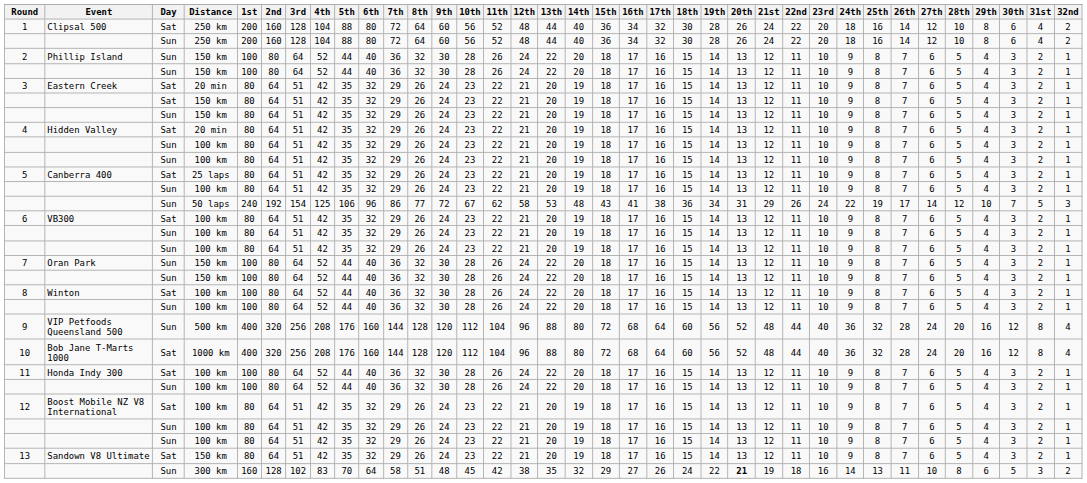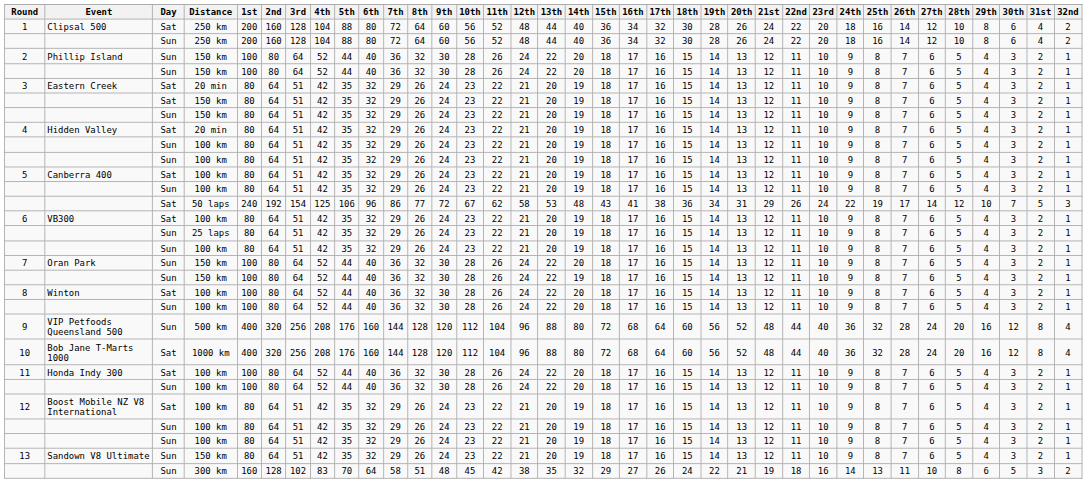 <table class="wikitable" style="font-size: 80%">
 <tr>
 </tr>
 <tr>
 <th width="54" height="11" align="center">Round</th>
 <th width="162">Event</th>
 <th width="46" align="center">Day</th>
 <th width="63" align="center">Distance</th>
 <th width="28" align="center">1st</th>
 <th width="28" align="center">2nd</th>
 <th width="28" align="center">3rd</th>
 <th width="28" align="center">4th</th>
 <th width="28" align="center">5th</th>
 <th width="28" align="center">6th</th>
 <th width="28" align="center">7th</th>
 <th width="28" align="center">8th</th>
 <th width="28" align="center">9th</th>
 <th width="28" align="center">10th</th>
 <th width="28" align="center">11th</th>
 <th width="28" align="center">12th</th>
 <th width="28" align="center">13th</th>
 <th width="28" align="center">14th</th>
 <th width="28" align="center">15th</th>
 <th width="28" align="center">16th</th>
 <th width="28" align="center">17th</th>
 <th width="28" align="center">18th</th>
 <th width="28" align="center">19th</th>
 <th width="28" align="center">20th</th>
 <th width="28" align="center">21st</th>
 <th width="28" align="center">22nd</th>
 <th width="28" align="center">23rd</th>
 <th width="28" align="center">24th</th>
 <th width="28" align="center">25th</th>
 <th width="28" align="center">26th</th>
 <th width="28" align="center">27th</th>
 <th width="28" align="center">28th</th>
 <th width="28" align="center">29th</th>
 <th width="28" align="center">30th</th>
 <th width="28" align="center">31st</th>
 <th width="28" align="center">32nd</th>
 </tr>
 <tr>
 <td height="11" align="center">1</td>
 <td>Clipsal 500</td>
 <td align="center">Sat</td>
 <td align="center">250 km</td>
 <td align="center">200</td>
 <td align="center">160</td>
 <td align="center">128</td>
 <td align="center">104</td>
 <td align="center">88</td>
 <td align="center">80</td>
 <td align="center">72</td>
 <td align="center">64</td>
 <td align="center">60</td>
 <td align="center">56</td>
 <td align="center">52</td>
 <td align="center">48</td>
 <td align="center">44</td>
 <td align="center">40</td>
 <td align="center">36</td>
 <td align="center">34</td>
 <td align="center">32</td>
 <td align="center">30</td>
 <td align="center">28</td>
 <td align="center">26</td>
 <td align="center">24</td>
 <td align="center">22</td>
 <td align="center">20</td>
 <td align="center">18</td>
 <td align="center">16</td>
 <td align="center">14</td>
 <td align="center">12</td>
 <td align="center">10</td>
 <td align="center">8</td>
 <td align="center">6</td>
 <td align="center">4</td>
 <td align="center">2</td>
 </tr>
 <tr>
 <td height="11" align="center"> </td>
 <td> </td>
 <td align="center">Sun</td>
 <td align="center">250 km</td>
 <td align="center">200</td>
 <td align="center">160</td>
 <td align="center">128</td>
 <td align="center">104</td>
 <td align="center">88</td>
 <td align="center">80</td>
 <td align="center">72</td>
 <td align="center">64</td>
 <td align="center">60</td>
 <td align="center">56</td>
 <td align="center">52</td>
 <td align="center">48</td>
 <td align="center">44</td>
 <td align="center">40</td>
 <td align="center">36</td>
 <td align="center">34</td>
 <td align="center">32</td>
 <td align="center">30</td>
 <td align="center">28</td>
 <td align="center">26</td>
 <td align="center">24</td>
 <td align="center">22</td>
 <td align="center">20</td>
 <td align="center">18</td>
 <td align="center">16</td>
 <td align="center">14</td>
 <td align="center">12</td>
 <td align="center">10</td>
 <td align="center">8</td>
 <td align="center">6</td>
 <td align="center">4</td>
 <td align="center">2</td>
 </tr>
 <tr>
 <td height="11" align="center">2</td>
 <td>Phillip Island</td>
 <td align="center">Sun</td>
 <td align="center">150 km</td>
 <td align="center">100</td>
 <td align="center">80</td>
 <td align="center">64</td>
 <td align="center">52</td>
 <td align="center">44</td>
 <td align="center">40</td>
 <td align="center">36</td>
 <td align="center">32</td>
 <td align="center">30</td>
 <td align="center">28</td>
 <td align="center">26</td>
 <td align="center">24</td>
 <td align="center">22</td>
 <td align="center">20</td>
 <td align="center">18</td>
 <td align="center">17</td>
 <td align="center">16</td>
 <td align="center">15</td>
 <td align="center">14</td>
 <td align="center">13</td>
 <td align="center">12</td>
 <td align="center">11</td>
 <td align="center">10</td>
 <td align="center">9</td>
 <td align="center">8</td>
 <td align="center">7</td>
 <td align="center">6</td>
 <td align="center">5</td>
 <td align="center">4</td>
 <td align="center">3</td>
 <td align="center">2</td>
 <td align="center">1</td>
 </tr>
 <tr>
 <td height="11" align="center"> </td>
 <td> </td>
 <td align="center">Sun</td>
 <td align="center">150 km</td>
 <td align="center">100</td>
 <td align="center">80</td>
 <td align="center">64</td>
 <td align="center">52</td>
 <td align="center">44</td>
 <td align="center">40</td>
 <td align="center">36</td>
 <td align="center">32</td>
 <td align="center">30</td>
 <td align="center">28</td>
 <td align="center">26</td>
 <td align="center">24</td>
 <td align="center">22</td>
 <td align="center">20</td>
 <td align="center">18</td>
 <td align="center">17</td>
 <td align="center">16</td>
 <td align="center">15</td>
 <td align="center">14</td>
 <td align="center">13</td>
 <td align="center">12</td>
 <td align="center">11</td>
 <td align="center">10</td>
 <td align="center">9</td>
 <td align="center">8</td>
 <td align="center">7</td>
 <td align="center">6</td>
 <td align="center">5</td>
 <td align="center">4</td>
 <td align="center">3</td>
 <td align="center">2</td>
 <td align="center">1</td>
 </tr>
 <tr>
 <td height="11" align="center">3</td>
 <td>Eastern Creek</td>
 <td align="center">Sat</td>
 <td align="center">20 min</td>
 <td align="center">80</td>
 <td align="center">64</td>
 <td align="center">51</td>
 <td align="center">42</td>
 <td align="center">35</td>
 <td align="center">32</td>
 <td align="center">29</td>
 <td align="center">26</td>
 <td align="center">24</td>
 <td align="center">23</td>
 <td align="center">22</td>
 <td align="center">21</td>
 <td align="center">20</td>
 <td align="center">19</td>
 <td align="center">18</td>
 <td align="center">17</td>
 <td align="center">16</td>
 <td align="center">15</td>
 <td align="center">14</td>
 <td align="center">13</td>
 <td align="center">12</td>
 <td align="center">11</td>
 <td align="center">10</td>
 <td align="center">9</td>
 <td align="center">8</td>
 <td align="center">7</td>
 <td align="center">6</td>
 <td align="center">5</td>
 <td align="center">4</td>
 <td align="center">3</td>
 <td align="center">2</td>
 <td align="center">1</td>
 </tr>
 <tr>
 <td height="11" align="center"> </td>
 <td> </td>
 <td align="center">Sat</td>
 <td align="center">150 km</td>
 <td align="center">80</td>
 <td align="center">64</td>
 <td align="center">51</td>
 <td align="center">42</td>
 <td align="center">35</td>
 <td align="center">32</td>
 <td align="center">29</td>
 <td align="center">26</td>
 <td align="center">24</td>
 <td align="center">23</td>
 <td align="center">22</td>
 <td align="center">21</td>
 <td align="center">20</td>
 <td align="center">19</td>
 <td align="center">18</td>
 <td align="center">17</td>
 <td align="center">16</td>
 <td align="center">15</td>
 <td align="center">14</td>
 <td align="center">13</td>
 <td align="center">12</td>
 <td align="center">11</td>
 <td align="center">10</td>
 <td align="center">9</td>
 <td align="center">8</td>
 <td align="center">7</td>
 <td align="center">6</td>
 <td align="center">5</td>
 <td align="center">4</td>
 <td align="center">3</td>
 <td align="center">2</td>
 <td align="center">1</td>
 </tr>
 <tr>
 <td height="11" align="center"> </td>
 <td> </td>
 <td align="center">Sun</td>
 <td align="center">150 km</td>
 <td align="center">80</td>
 <td align="center">64</td>
 <td align="center">51</td>
 <td align="center">42</td>
 <td align="center">35</td>
 <td align="center">32</td>
 <td align="center">29</td>
 <td align="center">26</td>
 <td align="center">24</td>
 <td align="center">23</td>
 <td align="center">22</td>
 <td align="center">21</td>
 <td align="center">20</td>
 <td align="center">19</td>
 <td align="center">18</td>
 <td align="center">17</td>
 <td align="center">16</td>
 <td align="center">15</td>
 <td align="center">14</td>
 <td align="center">13</td>
 <td align="center">12</td>
 <td align="center">11</td>
 <td align="center">10</td>
 <td align="center">9</td>
 <td align="center">8</td>
 <td align="center">7</td>
 <td align="center">6</td>
 <td align="center">5</td>
 <td align="center">4</td>
 <td align="center">3</td>
 <td align="center">2</td>
 <td align="center">1</td>
 </tr>
 <tr>
 <td height="11" align="center">4</td>
 <td>Hidden Valley</td>
 <td align="center">Sat</td>
 <td align="center">20 min</td>
 <td align="center">80</td>
 <td align="center">64</td>
 <td align="center">51</td>
 <td align="center">42</td>
 <td align="center">35</td>
 <td align="center">32</td>
 <td align="center">29</td>
 <td align="center">26</td>
 <td align="center">24</td>
 <td align="center">23</td>
 <td align="center">22</td>
 <td align="center">21</td>
 <td align="center">20</td>
 <td align="center">19</td>
 <td align="center">18</td>
 <td align="center">17</td>
 <td align="center">16</td>
 <td align="center">15</td>
 <td align="center">14</td>
 <td align="center">13</td>
 <td align="center">12</td>
 <td align="center">11</td>
 <td align="center">10</td>
 <td align="center">9</td>
 <td align="center">8</td>
 <td align="center">7</td>
 <td align="center">6</td>
 <td align="center">5</td>
 <td align="center">4</td>
 <td align="center">3</td>
 <td align="center">2</td>
 <td align="center">1</td>
 </tr>
 <tr>
 <td height="11" align="center"> </td>
 <td> </td>
 <td align="center">Sun</td>
 <td align="center">100 km</td>
 <td align="center">80</td>
 <td align="center">64</td>
 <td align="center">51</td>
 <td align="center">42</td>
 <td align="center">35</td>
 <td align="center">32</td>
 <td align="center">29</td>
 <td align="center">26</td>
 <td align="center">24</td>
 <td align="center">23</td>
 <td align="center">22</td>
 <td align="center">21</td>
 <td align="center">20</td>
 <td align="center">19</td>
 <td align="center">18</td>
 <td align="center">17</td>
 <td align="center">16</td>
 <td align="center">15</td>
 <td align="center">14</td>
 <td align="center">13</td>
 <td align="center">12</td>
 <td align="center">11</td>
 <td align="center">10</td>
 <td align="center">9</td>
 <td align="center">8</td>
 <td align="center">7</td>
 <td align="center">6</td>
 <td align="center">5</td>
 <td align="center">4</td>
 <td align="center">3</td>
 <td align="center">2</td>
 <td align="center">1</td>
 </tr>
 <tr>
 <td height="11" align="center"> </td>
 <td> </td>
 <td align="center">Sun</td>
 <td align="center">100 km</td>
 <td align="center">80</td>
 <td align="center">64</td>
 <td align="center">51</td>
 <td align="center">42</td>
 <td align="center">35</td>
 <td align="center">32</td>
 <td align="center">29</td>
 <td align="center">26</td>
 <td align="center">24</td>
 <td align="center">23</td>
 <td align="center">22</td>
 <td align="center">21</td>
 <td align="center">20</td>
 <td align="center">19</td>
 <td align="center">18</td>
 <td align="center">17</td>
 <td align="center">16</td>
 <td align="center">15</td>
 <td align="center">14</td>
 <td align="center">13</td>
 <td align="center">12</td>
 <td align="center">11</td>
 <td align="center">10</td>
 <td align="center">9</td>
 <td align="center">8</td>
 <td align="center">7</td>
 <td align="center">6</td>
 <td align="center">5</td>
 <td align="center">4</td>
 <td align="center">3</td>
 <td align="center">2</td>
 <td align="center">1</td>
 </tr>
 <tr>
 <td height="11" align="center">5</td>
 <td>Canberra 400</td>
 <td align="center">Sat</td>
-<td align="center">25 laps</td>
+<td align="center">100 km</td>
 <td align="center">80</td>
 <td align="center">64</td>
 <td align="center">51</td>
 <td align="center">42</td>
 <td align="center">35</td>
 <td align="center">32</td>
 <td align="center">29</td>
 <td align="center">26</td>
 <td align="center">24</td>
 <td align="center">23</td>
 <td align="center">22</td>
 <td align="center">21</td>
 <td align="center">20</td>
 <td align="center">19</td>
 <td align="center">18</td>
 <td align="center">17</td>
 <td align="center">16</td>
 <td align="center">15</td>
 <td align="center">14</td>
 <td align="center">13</td>
 <td align="center">12</td>
 <td align="center">11</td>
 <td align="center">10</td>
 <td align="center">9</td>
 <td align="center">8</td>
 <td align="center">7</td>
 <td align="center">6</td>
 <td align="center">5</td>
 <td align="center">4</td>
 <td align="center">3</td>
 <td align="center">2</td>
 <td align="center">1</td>
 </tr>
 <tr>
 <td height="11" align="center"> </td>
 <td> </td>
 <td align="center">Sun</td>
 <td align="center">100 km</td>
 <td align="center">80</td>
 <td align="center">64</td>
 <td align="center">51</td>
 <td align="center">42</td>
 <td align="center">35</td>
 <td align="center">32</td>
 <td align="center">29</td>
 <td align="center">26</td>
 <td align="center">24</td>
 <td align="center">23</td>
 <td align="center">22</td>
 <td align="center">21</td>
 <td align="center">20</td>
 <td align="center">19</td>
 <td align="center">18</td>
 <td align="center">17</td>
 <td align="center">16</td>
 <td align="center">15</td>
 <td align="center">14</td>
 <td align="center">13</td>
 <td align="center">12</td>
 <td align="center">11</td>
 <td align="center">10</td>
 <td align="center">9</td>
 <td align="center">8</td>
 <td align="center">7</td>
 <td align="center">6</td>
 <td align="center">5</td>
 <td align="center">4</td>
 <td align="center">3</td>
 <td align="center">2</td>
 <td align="center">1</td>
 </tr>
 <tr>
 <td height="11" align="center"> </td>
 <td> </td>
-<td align="center">Sun</td>
+<td align="center">Sat</td>
 <td align="center">50 laps</td>
 <td align="center">240</td>
 <td align="center">192</td>
 <td align="center">154</td>
 <td align="center">125</td>
 <td align="center">106</td>
 <td align="center">96</td>
 <td align="center">86</td>
 <td align="center">77</td>
 <td align="center">72</td>
 <td align="center">67</td>
 <td align="center">62</td>
 <td align="center">58</td>
 <td align="center">53</td>
 <td align="center">48</td>
 <td align="center">43</td>
 <td align="center">41</td>
 <td align="center">38</td>
 <td align="center">36</td>
 <td align="center">34</td>
 <td align="center">31</td>
 <td align="center">29</td>
 <td align="center">26</td>
 <td align="center">24</td>
 <td align="center">22</td>
 <td align="center">19</td>
 <td align="center">17</td>
 <td align="center">14</td>
 <td align="center">12</td>
 <td align="center">10</td>
 <td align="center">7</td>
 <td align="center">5</td>
 <td align="center">3</td>
 </tr>
 <tr>
 <td height="11" align="center">6</td>
 <td>VB300</td>
 <td align="center">Sat</td>
 <td align="center">100 km</td>
 <td align="center">80</td>
 <td align="center">64</td>
 <td align="center">51</td>
 <td align="center">42</td>
 <td align="center">35</td>
 <td align="center">32</td>
 <td align="center">29</td>
 <td align="center">26</td>
 <td align="center">24</td>
 <td align="center">23</td>
 <td align="center">22</td>
 <td align="center">21</td>
 <td align="center">20</td>
 <td align="center">19</td>
 <td align="center">18</td>
 <td align="center">17</td>
 <td align="center">16</td>
 <td align="center">15</td>
 <td align="center">14</td>
 <td align="center">13</td>
 <td align="center">12</td>
 <td align="center">11</td>
 <td align="center">10</td>
 <td align="center">9</td>
 <td align="center">8</td>
 <td align="center">7</td>
 <td align="center">6</td>
 <td align="center">5</td>
 <td align="center">4</td>
 <td align="center">3</td>
 <td align="center">2</td>
 <td align="center">1</td>
 </tr>
 <tr>
 <td height="11" align="center"> </td>
 <td> </td>
 <td align="center">Sun</td>
-<td align="center">100 km</td>
+<td align="center">25 laps</td>
 <td align="center">80</td>
 <td align="center">64</td>
 <td align="center">51</td>
 <td align="center">42</td>
 <td align="center">35</td>
 <td align="center">32</td>
 <td align="center">29</td>
 <td align="center">26</td>
 <td align="center">24</td>
 <td align="center">23</td>
 <td align="center">22</td>
 <td align="center">21</td>
 <td align="center">20</td>
 <td align="center">19</td>
 <td align="center">18</td>
 <td align="center">17</td>
 <td align="center">16</td>
 <td align="center">15</td>
 <td align="center">14</td>
 <td align="center">13</td>
 <td align="center">12</td>
 <td align="center">11</td>
 <td align="center">10</td>
 <td align="center">9</td>
 <td align="center">8</td>
 <td align="center">7</td>
 <td align="center">6</td>
 <td align="center">5</td>
 <td align="center">4</td>
 <td align="center">3</td>
 <td align="center">2</td>
 <td align="center">1</td>
 </tr>
 <tr>
 <td height="11" align="center"> </td>
 <td> </td>
 <td align="center">Sun</td>
 <td align="center">100 km</td>
 <td align="center">80</td>
 <td align="center">64</td>
 <td align="center">51</td>
 <td align="center">42</td>
 <td align="center">35</td>
 <td align="center">32</td>
 <td align="center">29</td>
 <td align="center">26</td>
 <td align="center">24</td>
 <td align="center">23</td>
 <td align="center">22</td>
 <td align="center">21</td>
 <td align="center">20</td>
 <td align="center">19</td>
 <td align="center">18</td>
 <td align="center">17</td>
 <td align="center">16</td>
 <td align="center">15</td>
 <td align="center">14</td>
 <td align="center">13</td>
 <td align="center">12</td>
 <td align="center">11</td>
 <td align="center">10</td>
 <td align="center">9</td>
 <td align="center">8</td>
 <td align="center">7</td>
 <td align="center">6</td>
 <td align="center">5</td>
 <td align="center">4</td>
 <td align="center">3</td>
 <td align="center">2</td>
 <td align="center">1</td>
 </tr>
 <tr>
 <td height="11" align="center">7</td>
 <td>Oran Park</td>
 <td align="center">Sun</td>
 <td align="center">150 km</td>
 <td align="center">100</td>
 <td align="center">80</td>
 <td align="center">64</td>
 <td align="center">52</td>
 <td align="center">44</td>
 <td align="center">40</td>
 <td align="center">36</td>
 <td align="center">32</td>
 <td align="center">30</td>
 <td align="center">28</td>
 <td align="center">26</td>
 <td align="center">24</td>
 <td align="center">22</td>
 <td align="center">20</td>
 <td align="center">18</td>
 <td align="center">17</td>
 <td align="center">16</td>
 <td align="center">15</td>
 <td align="center">14</td>
 <td align="center">13</td>
 <td align="center">12</td>
 <td align="center">11</td>
 <td align="center">10</td>
 <td align="center">9</td>
 <td align="center">8</td>
 <td align="center">7</td>
 <td align="center">6</td>
 <td align="center">5</td>
 <td align="center">4</td>
 <td align="center">3</td>
 <td align="center">2</td>
 <td align="center">1</td>
 </tr>
 <tr>
 <td height="11" align="center"> </td>
 <td> </td>
 <td align="center">Sun</td>
 <td align="center">150 km</td>
 <td align="center">100</td>
 <td align="center">80</td>
 <td align="center">64</td>
 <td align="center">52</td>
 <td align="center">44</td>
 <td align="center">40</td>
 <td align="center">36</td>
 <td align="center">32</td>
 <td align="center">30</td>
 <td align="center">28</td>
 <td align="center">26</td>
 <td align="center">24</td>
 <td align="center">22</td>
-<td align="center">20</td>
+<td align="center">19</td>
 <td align="center">18</td>
 <td align="center">17</td>
 <td align="center">16</td>
 <td align="center">15</td>
 <td align="center">14</td>
 <td align="center">13</td>
 <td align="center">12</td>
 <td align="center">11</td>
 <td align="center">10</td>
 <td align="center">9</td>
 <td align="center">8</td>
 <td align="center">7</td>
 <td align="center">6</td>
 <td align="center">5</td>
 <td align="center">4</td>
 <td align="center">3</td>
 <td align="center">2</td>
 <td align="center">1</td>
 </tr>
 <tr>
 <td height="11" align="center">8</td>
 <td>Winton</td>
 <td align="center">Sat</td>
 <td align="center">100 km</td>
 <td align="center">100</td>
 <td align="center">80</td>
 <td align="center">64</td>
 <td align="center">52</td>
 <td align="center">44</td>
 <td align="center">40</td>
 <td align="center">36</td>
 <td align="center">32</td>
 <td align="center">30</td>
 <td align="center">28</td>
 <td align="center">26</td>
 <td align="center">24</td>
 <td align="center">22</td>
 <td align="center">20</td>
 <td align="center">18</td>
 <td align="center">17</td>
 <td align="center">16</td>
 <td align="center">15</td>
 <td align="center">14</td>
 <td align="center">13</td>
 <td align="center">12</td>
 <td align="center">11</td>
 <td align="center">10</td>
 <td align="center">9</td>
 <td align="center">8</td>
 <td align="center">7</td>
 <td align="center">6</td>
 <td align="center">5</td>
 <td align="center">4</td>
 <td align="center">3</td>
 <td align="center">2</td>
 <td align="center">1</td>
 </tr>
 <tr>
 <td height="11" align="center"> </td>
 <td> </td>
 <td align="center">Sun</td>
 <td align="center">100 km</td>
 <td align="center">100</td>
 <td align="center">80</td>
 <td align="center">64</td>
 <td align="center">52</td>
 <td align="center">44</td>
 <td align="center">40</td>
 <td align="center">36</td>
 <td align="center">32</td>
 <td align="center">30</td>
 <td align="center">28</td>
 <td align="center">26</td>
 <td align="center">24</td>
 <td align="center">22</td>
 <td align="center">20</td>
 <td align="center">18</td>
 <td align="center">17</td>
 <td align="center">16</td>
 <td align="center">15</td>
 <td align="center">14</td>
 <td align="center">13</td>
 <td align="center">12</td>
 <td align="center">11</td>
 <td align="center">10</td>
 <td align="center">9</td>
 <td align="center">8</td>
 <td align="center">7</td>
 <td align="center">6</td>
 <td align="center">5</td>
 <td align="center">4</td>
 <td align="center">3</td>
 <td align="center">2</td>
 <td align="center">1</td>
 </tr>
 <tr>
 <td height="11" align="center">9</td>
 <td>VIP Petfoods Queensland 500</td>
 <td align="center">Sun</td>
 <td align="center">500 km</td>
 <td align="center">400</td>
 <td align="center">320</td>
 <td align="center">256</td>
 <td align="center">208</td>
 <td align="center">176</td>
 <td align="center">160</td>
 <td align="center">144</td>
 <td align="center">128</td>
 <td align="center">120</td>
 <td align="center">112</td>
 <td align="center">104</td>
 <td align="center">96</td>
 <td align="center">88</td>
 <td align="center">80</td>
 <td align="center">72</td>
 <td align="center">68</td>
 <td align="center">64</td>
 <td align="center">60</td>
 <td align="center">56</td>
 <td align="center">52</td>
 <td align="center">48</td>
 <td align="center">44</td>
 <td align="center">40</td>
 <td align="center">36</td>
 <td align="center">32</td>
 <td align="center">28</td>
 <td align="center">24</td>
 <td align="center">20</td>
 <td align="center">16</td>
 <td align="center">12</td>
 <td align="center">8</td>
 <td align="center">4</td>
 </tr>
 <tr>
 <td height="11" align="center">10</td>
 <td>Bob Jane T-Marts 1000</td>
 <td align="center">Sat</td>
 <td align="center">1000 km</td>
 <td align="center">400</td>
 <td align="center">320</td>
 <td align="center">256</td>
 <td align="center">208</td>
 <td align="center">176</td>
 <td align="center">160</td>
 <td align="center">144</td>
 <td align="center">128</td>
 <td align="center">120</td>
 <td align="center">112</td>
 <td align="center">104</td>
 <td align="center">96</td>
 <td align="center">88</td>
 <td align="center">80</td>
 <td align="center">72</td>
 <td align="center">68</td>
 <td align="center">64</td>
 <td align="center">60</td>
 <td align="center">56</td>
 <td align="center">52</td>
 <td align="center">48</td>
 <td align="center">44</td>
 <td align="center">40</td>
 <td align="center">36</td>
 <td align="center">32</td>
 <td align="center">28</td>
 <td align="center">24</td>
 <td align="center">20</td>
 <td align="center">16</td>
 <td align="center">12</td>
 <td align="center">8</td>
 <td align="center">4</td>
 </tr>
 <tr>
 <td height="11" align="center">11</td>
 <td>Honda Indy 300</td>
 <td align="center">Sat</td>
 <td align="center">100 km</td>
 <td align="center">100</td>
 <td align="center">80</td>
 <td align="center">64</td>
 <td align="center">52</td>
 <td align="center">44</td>
 <td align="center">40</td>
 <td align="center">36</td>
 <td align="center">32</td>
 <td align="center">30</td>
 <td align="center">28</td>
 <td align="center">26</td>
 <td align="center">24</td>
 <td align="center">22</td>
 <td align="center">20</td>
 <td align="center">18</td>
 <td align="center">17</td>
 <td align="center">16</td>
 <td align="center">15</td>
 <td align="center">14</td>
 <td align="center">13</td>
 <td align="center">12</td>
 <td align="center">11</td>
 <td align="center">10</td>
 <td align="center">9</td>
 <td align="center">8</td>
 <td align="center">7</td>
 <td align="center">6</td>
 <td align="center">5</td>
 <td align="center">4</td>
 <td align="center">3</td>
 <td align="center">2</td>
 <td align="center">1</td>
 </tr>
 <tr>
 <td height="11" align="center"> </td>
 <td> </td>
 <td align="center">Sun</td>
 <td align="center">100 km</td>
 <td align="center">100</td>
 <td align="center">80</td>
 <td align="center">64</td>
 <td align="center">52</td>
 <td align="center">44</td>
 <td align="center">40</td>
 <td align="center">36</td>
 <td align="center">32</td>
 <td align="center">30</td>
 <td align="center">28</td>
 <td align="center">26</td>
 <td align="center">24</td>
 <td align="center">22</td>
 <td align="center">20</td>
 <td align="center">18</td>
 <td align="center">17</td>
 <td align="center">16</td>
 <td align="center">15</td>
 <td align="center">14</td>
 <td align="center">13</td>
 <td align="center">12</td>
 <td align="center">11</td>
 <td align="center">10</td>
 <td align="center">9</td>
 <td align="center">8</td>
 <td align="center">7</td>
 <td align="center">6</td>
 <td align="center">5</td>
 <td align="center">4</td>
 <td align="center">3</td>
 <td align="center">2</td>
 <td align="center">1</td>
 </tr>
 <tr>
 <td height="11" align="center">12</td>
 <td>Boost Mobile NZ V8 International</td>
 <td align="center">Sat</td>
 <td align="center">100 km</td>
 <td align="center">80</td>
 <td align="center">64</td>
 <td align="center">51</td>
 <td align="center">42</td>
 <td align="center">35</td>
 <td align="center">32</td>
 <td align="center">29</td>
 <td align="center">26</td>
 <td align="center">24</td>
 <td align="center">23</td>
 <td align="center">22</td>
 <td align="center">21</td>
 <td align="center">20</td>
 <td align="center">19</td>
 <td align="center">18</td>
 <td align="center">17</td>
 <td align="center">16</td>
 <td align="center">15</td>
 <td align="center">14</td>
 <td align="center">13</td>
 <td align="center">12</td>
 <td align="center">11</td>
 <td align="center">10</td>
 <td align="center">9</td>
 <td align="center">8</td>
 <td align="center">7</td>
 <td align="center">6</td>
 <td align="center">5</td>
 <td align="center">4</td>
 <td align="center">3</td>
 <td align="center">2</td>
 <td align="center">1</td>
 </tr>
 <tr>
 <td height="11" align="center"> </td>
 <td> </td>
 <td align="center">Sun</td>
 <td align="center">100 km</td>
 <td align="center">80</td>
 <td align="center">64</td>
 <td align="center">51</td>
 <td align="center">42</td>
 <td align="center">35</td>
 <td align="center">32</td>
 <td align="center">29</td>
 <td align="center">26</td>
 <td align="center">24</td>
 <td align="center">23</td>
 <td align="center">22</td>
 <td align="center">21</td>
 <td align="center">20</td>
 <td align="center">19</td>
 <td align="center">18</td>
 <td align="center">17</td>
 <td align="center">16</td>
 <td align="center">15</td>
 <td align="center">14</td>
 <td align="center">13</td>
 <td align="center">12</td>
 <td align="center">11</td>
 <td align="center">10</td>
 <td align="center">9</td>
 <td align="center">8</td>
 <td align="center">7</td>
 <td align="center">6</td>
 <td align="center">5</td>
 <td align="center">4</td>
 <td align="center">3</td>
 <td align="center">2</td>
 <td align="center">1</td>
 </tr>
 <tr>
 <td height="11" align="center"> </td>
 <td> </td>
 <td align="center">Sun</td>
 <td align="center">100 km</td>
 <td align="center">80</td>
 <td align="center">64</td>
 <td align="center">51</td>
 <td align="center">42</td>
 <td align="center">35</td>
 <td align="center">32</td>
 <td align="center">29</td>
 <td align="center">26</td>
 <td align="center">24</td>
 <td align="center">23</td>
 <td align="center">22</td>
 <td align="center">21</td>
 <td align="center">20</td>
 <td align="center">19</td>
 <td align="center">18</td>
 <td align="center">17</td>
 <td align="center">16</td>
 <td align="center">15</td>
 <td align="center">14</td>
 <td align="center">13</td>
 <td align="center">12</td>
 <td align="center">11</td>
 <td align="center">10</td>
 <td align="center">9</td>
 <td align="center">8</td>
 <td align="center">7</td>
 <td align="center">6</td>
 <td align="center">5</td>
 <td align="center">4</td>
 <td align="center">3</td>
 <td align="center">2</td>
 <td align="center">1</td>
 </tr>
 <tr>
 <td height="11" align="center">13</td>
 <td>Sandown V8 Ultimate</td>
-<td align="center">Sat</td>
+<td align="center">Sun</td>
 <td align="center">150 km</td>
 <td align="center">80</td>
 <td align="center">64</td>
 <td align="center">51</td>
 <td align="center">42</td>
 <td align="center">35</td>
 <td align="center">32</td>
 <td align="center">29</td>
 <td align="center">26</td>
 <td align="center">24</td>
 <td align="center">23</td>
 <td align="center">22</td>
 <td align="center">21</td>
 <td align="center">20</td>
 <td align="center">19</td>
 <td align="center">18</td>
 <td align="center">17</td>
 <td align="center">16</td>
 <td align="center">15</td>
 <td align="center">14</td>
 <td align="center">13</td>
 <td align="center">12</td>
 <td align="center">11</td>
 <td align="center">10</td>
 <td align="center">9</td>
 <td align="center">8</td>
 <td align="center">7</td>
 <td align="center">6</td>
 <td align="center">5</td>
 <td align="center">4</td>
 <td align="center">3</td>
 <td align="center">2</td>
 <td align="center">1</td>
 </tr>
 <tr>
 <td height="11" align="center"> </td>
 <td> </td>
 <td align="center">Sun</td>
 <td align="center">300 km</td>
 <td align="center">160</td>
 <td align="center">128</td>
 <td align="center">102</td>
 <td align="center">83</td>
 <td align="center">70</td>
 <td align="center">64</td>
 <td align="center">58</td>
 <td align="center">51</td>
 <td align="center">48</td>
 <td align="center">45</td>
 <td align="center">42</td>
 <td align="center">38</td>
 <td align="center">35</td>
 <td align="center">32</td>
 <td align="center">29</td>
 <td align="center">27</td>
 <td align="center">26</td>
 <td align="center">24</td>
 <td align="center">22</td>
-<td align="center"><strong>21</strong></td>
+<td align="center">21</td>
 <td align="center">19</td>
 <td align="center">18</td>
 <td align="center">16</td>
 <td align="center">14</td>
 <td align="center">13</td>
 <td align="center">11</td>
 <td align="center">10</td>
 <td align="center">8</td>
 <td align="center">6</td>
 <td align="center">5</td>
 <td align="center">3</td>
 <td align="center">2</td>
 </tr>
 </table>
